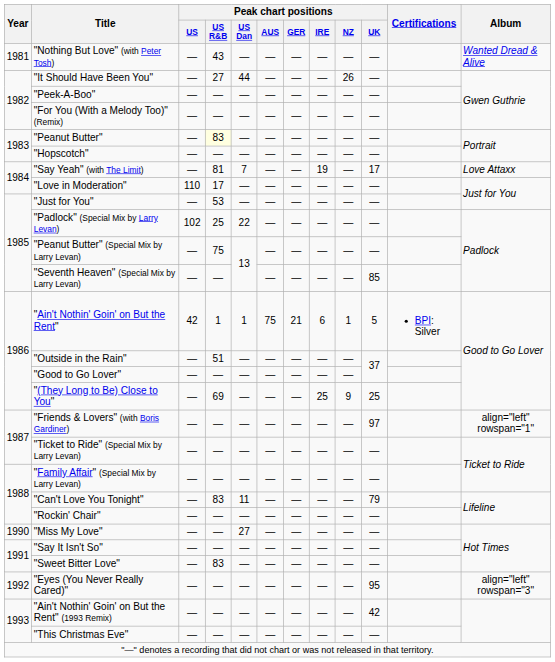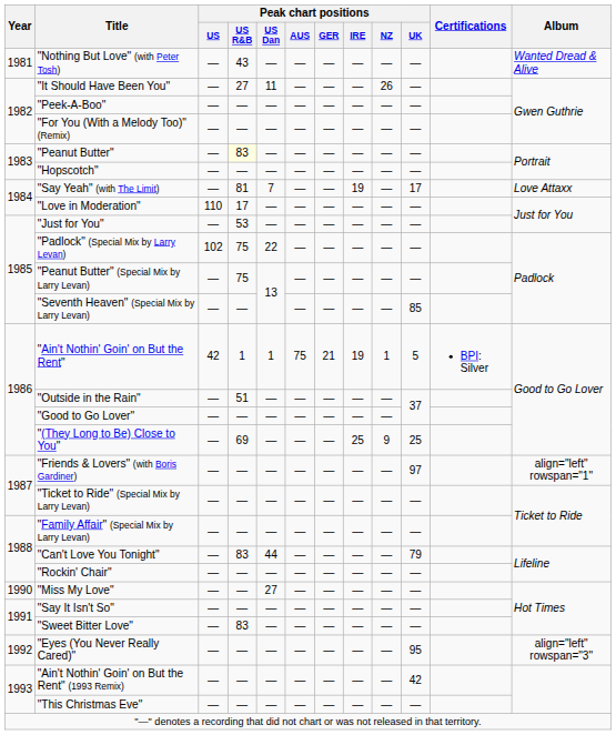 <table class="wikitable" style="text-align:center;">
 <tr>
 <th rowspan="2">Year</th>
 <th rowspan="2">Title</th>
 <th colspan="8">Peak chart positions</th>
 <th rowspan="2"><a href='#'>Certifications</a></th>
 <th rowspan="2">Album</th>
 </tr>
 <tr style="font-size:smaller;">
 <th width="35"><a href='#'>US</a><br></th>
 <th width="35"><a href='#'>US<br>R&B</a><br></th>
 <th width="35"><a href='#'>US<br>Dan</a><br></th>
 <th width="35"><a href='#'>AUS</a><br></th>
 <th width="35"><a href='#'>GER</a><br></th>
 <th width="35"><a href='#'>IRE</a><br></th>
 <th width="35"><a href='#'>NZ</a><br></th>
 <th width="35"><a href='#'>UK</a><br></th>
 </tr>
 <tr>
 <td rowspan="1">1981</td>
 <td align="left">"Nothing But Love" <small>(with <a href='#'>Peter Tosh</a>)</small></td>
 <td>—</td>
 <td>43</td>
 <td>—</td>
 <td>—</td>
 <td>—</td>
 <td>—</td>
 <td>—</td>
 <td>—</td>
 <td align=left></td>
 <td align="left" rowspan="1"><em><a href='#'>Wanted Dread & Alive</a></em></td>
 </tr>
 <tr>
 <td rowspan="3">1982</td>
 <td align="left">"It Should Have Been You"</td>
 <td>—</td>
 <td>27</td>
-<td>44</td>
+<td>11</td>
 <td>—</td>
 <td>—</td>
 <td>—</td>
 <td>26</td>
 <td>—</td>
 <td align=left></td>
 <td align="left" rowspan="3"><em>Gwen Guthrie</em></td>
 </tr>
 <tr>
 <td align="left">"Peek-A-Boo"</td>
 <td>—</td>
 <td>—</td>
 <td>—</td>
 <td>—</td>
 <td>—</td>
 <td>—</td>
 <td>—</td>
 <td>—</td>
 <td align=left></td>
 </tr>
 <tr>
 <td align="left">"For You (With a Melody Too)" <small>(Remix)</small></td>
 <td>—</td>
 <td>—</td>
 <td>—</td>
 <td>—</td>
 <td>—</td>
 <td>—</td>
 <td>—</td>
 <td>—</td>
 <td align=left></td>
 </tr>
 <tr>
 <td rowspan="2">1983</td>
 <td align="left">"Peanut Butter"</td>
 <td>—</td>
 <td style="background: lightyellow;">83</td>
 <td>—</td>
 <td>—</td>
 <td>—</td>
 <td>—</td>
 <td>—</td>
 <td>—</td>
 <td align=left></td>
 <td align="left" rowspan="2"><em>Portrait</em></td>
 </tr>
 <tr>
 <td align="left">"Hopscotch"</td>
 <td>—</td>
 <td>—</td>
 <td>—</td>
 <td>—</td>
 <td>—</td>
 <td>—</td>
 <td>—</td>
 <td>—</td>
 </tr>
 <tr>
 <td rowspan="2">1984</td>
 <td align="left">"Say Yeah" <small>(with <a href='#'>The Limit</a>)</small></td>
 <td>—</td>
 <td>81</td>
 <td>7</td>
 <td>—</td>
 <td>—</td>
 <td>19</td>
 <td>—</td>
 <td>17</td>
 <td align=left></td>
 <td align="left" rowspan="1"><em>Love Attaxx</em></td>
 </tr>
 <tr>
 <td align="left">"Love in Moderation"</td>
 <td>110</td>
 <td>17</td>
 <td>—</td>
 <td>—</td>
 <td>—</td>
 <td>—</td>
 <td>—</td>
 <td>—</td>
 <td align=left></td>
 <td align="left" rowspan="2"><em>Just for You</em></td>
 </tr>
 <tr>
 <td rowspan="4">1985</td>
 <td align="left">"Just for You"</td>
 <td>—</td>
 <td>53</td>
 <td>—</td>
 <td>—</td>
 <td>—</td>
 <td>—</td>
 <td>—</td>
 <td>—</td>
 <td align=left></td>
 </tr>
 <tr>
 <td align="left">"Padlock" <small>(Special Mix by <a href='#'>Larry Levan</a>)</small></td>
 <td>102</td>
-<td>25</td>
+<td>75</td>
 <td>22</td>
 <td>—</td>
 <td>—</td>
 <td>—</td>
 <td>—</td>
 <td>—</td>
 <td align=left></td>
 <td align="left" rowspan="3"><em>Padlock</em></td>
 </tr>
 <tr>
 <td align="left">"Peanut Butter" <small>(Special Mix by Larry Levan)</small></td>
 <td>—</td>
 <td>75</td>
 <td rowspan="2">13</td>
 <td>—</td>
 <td>—</td>
 <td>—</td>
 <td>—</td>
 <td>—</td>
 </tr>
 <tr>
 <td align="left">"Seventh Heaven" <small>(Special Mix by Larry Levan)</small></td>
 <td>—</td>
 <td>—</td>
 <td>—</td>
 <td>—</td>
 <td>—</td>
 <td>—</td>
 <td>85</td>
 <td align=left></td>
 </tr>
 <tr>
 <td rowspan="4">1986</td>
 <td align="left">"<a href='#'>Ain't Nothin' Goin' on But the Rent</a>"</td>
 <td>42</td>
 <td>1</td>
 <td>1</td>
 <td>75</td>
 <td>21</td>
-<td>6</td>
+<td>19</td>
 <td>1</td>
 <td>5</td>
 <td align=left><br><ul><li><a href='#'>BPI</a>: Silver</li></ul></td>
 <td align="left" rowspan="4"><em>Good to Go Lover</em></td>
 </tr>
 <tr>
 <td align="left">"Outside in the Rain"</td>
 <td>—</td>
 <td>51</td>
 <td>—</td>
 <td>—</td>
 <td>—</td>
 <td>—</td>
 <td>—</td>
 <td rowspan="2">37</td>
 <td align=left></td>
 </tr>
 <tr>
 <td align="left">"Good to Go Lover"</td>
 <td>—</td>
 <td>—</td>
 <td>—</td>
 <td>—</td>
 <td>—</td>
 <td>—</td>
 <td>—</td>
 <td align=left></td>
 </tr>
 <tr>
 <td align="left">"<a href='#'>(They Long to Be) Close to You</a>"</td>
 <td>—</td>
 <td>69</td>
 <td>—</td>
 <td>—</td>
 <td>—</td>
 <td>25</td>
 <td>9</td>
 <td>25</td>
 <td align=left></td>
 </tr>
 <tr>
 <td rowspan="2">1987</td>
 <td align="left">"Friends & Lovers" <small>(with <a href='#'>Boris Gardiner</a>)</small></td>
 <td>—</td>
 <td>—</td>
 <td>—</td>
 <td>—</td>
 <td>—</td>
 <td>—</td>
 <td>—</td>
 <td>97</td>
 <td align=left></td>
 <td>align="left" rowspan="1" </td>
 </tr>
 <tr>
 <td align="left">"Ticket to Ride" <small>(Special Mix by Larry Levan)</small></td>
 <td>—</td>
 <td>—</td>
 <td>—</td>
 <td>—</td>
 <td>—</td>
 <td>—</td>
 <td>—</td>
 <td>—</td>
 <td align=left></td>
 <td align="left" rowspan="2"><em>Ticket to Ride</em></td>
 </tr>
 <tr>
 <td rowspan="3">1988</td>
 <td align="left">"<a href='#'>Family Affair</a>" <small>(Special Mix by Larry Levan)</small></td>
 <td>—</td>
 <td>—</td>
 <td>—</td>
 <td>—</td>
 <td>—</td>
 <td>—</td>
 <td>—</td>
 <td>—</td>
 <td align=left></td>
 </tr>
 <tr>
 <td align="left">"Can't Love You Tonight"</td>
 <td>—</td>
 <td>83</td>
-<td>11</td>
+<td>44</td>
 <td>—</td>
 <td>—</td>
 <td>—</td>
 <td>—</td>
 <td>79</td>
 <td align=left></td>
 <td align="left" rowspan="2"><em>Lifeline</em></td>
 </tr>
 <tr>
 <td align="left">"Rockin' Chair"</td>
 <td>—</td>
 <td>—</td>
 <td>—</td>
 <td>—</td>
 <td>—</td>
 <td>—</td>
 <td>—</td>
 <td>—</td>
 <td align=left></td>
 </tr>
 <tr>
 <td rowspan="1">1990</td>
 <td align="left">"Miss My Love"</td>
 <td>—</td>
 <td>—</td>
 <td>27</td>
 <td>—</td>
 <td>—</td>
 <td>—</td>
 <td>—</td>
 <td>—</td>
 <td align=left></td>
 <td align="left" rowspan="3"><em>Hot Times</em></td>
 </tr>
 <tr>
 <td rowspan="2">1991</td>
 <td align="left">"Say It Isn't So"</td>
 <td>—</td>
 <td>—</td>
 <td>—</td>
 <td>—</td>
 <td>—</td>
 <td>—</td>
 <td>—</td>
 <td>—</td>
 <td align=left></td>
 </tr>
 <tr>
 <td align="left">"Sweet Bitter Love"</td>
 <td>—</td>
 <td>83</td>
 <td>—</td>
 <td>—</td>
 <td>—</td>
 <td>—</td>
 <td>—</td>
 <td>—</td>
 <td align=left></td>
 </tr>
 <tr>
 <td rowspan="1">1992</td>
 <td align="left">"Eyes (You Never Really Cared)"</td>
 <td>—</td>
 <td>—</td>
 <td>—</td>
 <td>—</td>
 <td>—</td>
 <td>—</td>
 <td>—</td>
 <td>95</td>
 <td align=left></td>
 <td>align="left" rowspan="3" </td>
 </tr>
 <tr>
 <td rowspan="2">1993</td>
 <td align="left">"Ain't Nothin' Goin' on But the Rent" <small>(1993 Remix)</small></td>
 <td>—</td>
 <td>—</td>
 <td>—</td>
 <td>—</td>
 <td>—</td>
 <td>—</td>
 <td>—</td>
 <td>42</td>
 <td align=left></td>
 </tr>
 <tr>
 <td align="left">"This Christmas Eve"</td>
 <td>—</td>
 <td>—</td>
 <td>—</td>
 <td>—</td>
 <td>—</td>
 <td>—</td>
 <td>—</td>
 <td>—</td>
 <td align=left></td>
 </tr>
 <tr>
 <td colspan="15" style="font-size:90%">"—" denotes a recording that did not chart or was not released in that territory.</td>
 </tr>
 </table>
